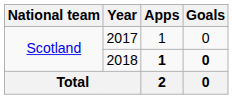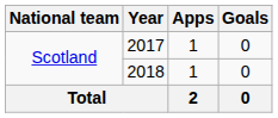 <table class=wikitable style=text-align:center>
 <tr>
 <th>National team</th>
 <th>Year</th>
 <th>Apps</th>
 <th>Goals</th>
 </tr>
 <tr>
 <td rowspan=2><a href='#'>Scotland</a></td>
 <td>2017</td>
 <td>1</td>
 <td>0</td>
 </tr>
 <tr>
 <td>2018</td>
-<td><strong>1</strong></td>
-<td><strong>0</strong></td>
+<td>1</td>
+<td>0</td>
 </tr>
 <tr>
 <th colspan=2>Total</th>
 <th>2</th>
 <th>0</th>
 </tr>
 </table>
